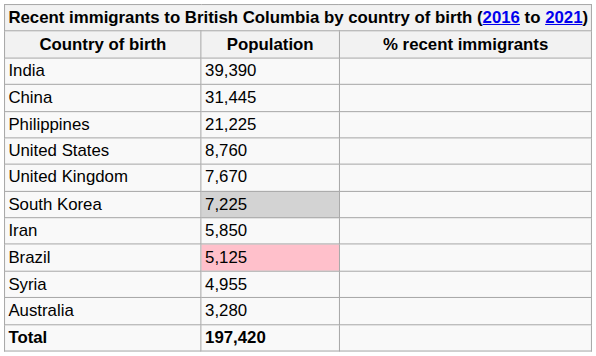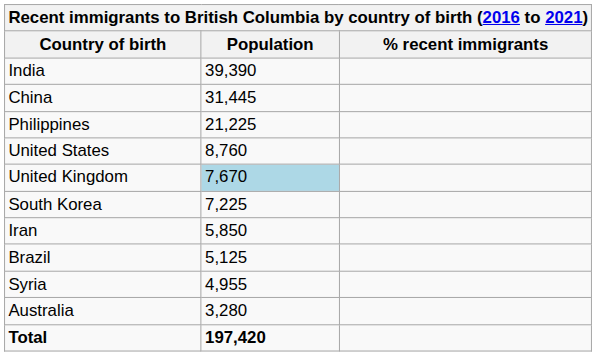 <table class="wikitable">
 <tr>
 <th colspan="4">Recent immigrants to British Columbia by country of birth (<a href='#'>2016</a> to <a href='#'>2021</a>)</th>
 </tr>
 <tr>
 <th>Country of birth</th>
 <th>Population</th>
 <th>% recent immigrants</th>
 </tr>
 <tr>
 <td>India</td>
 <td>39,390</td>
 <td></td>
 </tr>
 <tr>
 <td>China</td>
 <td>31,445</td>
 <td></td>
 </tr>
 <tr>
 <td>Philippines</td>
 <td>21,225</td>
 <td></td>
 </tr>
 <tr>
 <td>United States</td>
 <td>8,760</td>
 <td></td>
 </tr>
 <tr>
 <td>United Kingdom</td>
-<td>7,670</td>
+<td style="background: lightblue;">7,670</td>
 <td></td>
 </tr>
 <tr>
 <td>South Korea</td>
-<td style="background: lightgrey;">7,225</td>
+<td>7,225</td>
 <td></td>
 </tr>
 <tr>
 <td>Iran</td>
 <td>5,850</td>
 <td></td>
 </tr>
 <tr>
 <td>Brazil</td>
-<td style="background: pink;">5,125</td>
+<td>5,125</td>
 <td></td>
 </tr>
 <tr>
 <td>Syria</td>
 <td>4,955</td>
 <td></td>
 </tr>
 <tr>
 <td>Australia</td>
 <td>3,280</td>
 <td></td>
 </tr>
 <tr>
 <td><strong>Total</strong></td>
 <td><strong>197,420</strong></td>
 <td><strong></strong></td>
 </tr>
 </table>
